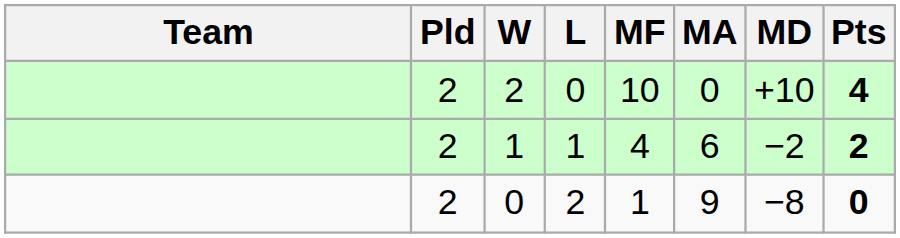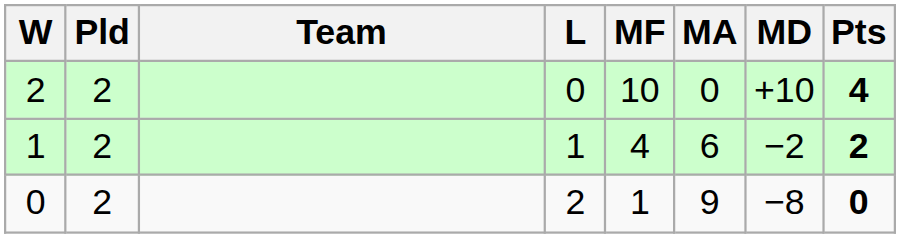 <table class=wikitable style="text-align:center">
 <tr>
+<th width=20>W</th>
+<th width=20>Pld</th>
 <th width=175>Team</th>
-<th width=20>Pld</th>
-<th width=20>W</th>
 <th width=20>L</th>
 <th width=20>MF</th>
 <th width=20>MA</th>
 <th width=20>MD</th>
 <th width=20>Pts</th>
 </tr>
 <tr bgcolor=ccffcc>
-<td align=left></td>
 <td>2</td>
 <td>2</td>
+<td align=left></td>
 <td>0</td>
 <td>10</td>
 <td>0</td>
 <td>+10</td>
 <td><strong>4</strong></td>
 </tr>
 <tr bgcolor=ccffcc>
+<td>1</td>
+<td>2</td>
 <td align=left></td>
-<td>2</td>
-<td>1</td>
 <td>1</td>
 <td>4</td>
 <td>6</td>
 <td>−2</td>
 <td><strong>2</strong></td>
 </tr>
 <tr>
+<td>0</td>
+<td>2</td>
 <td align=left></td>
-<td>2</td>
-<td>0</td>
 <td>2</td>
 <td>1</td>
 <td>9</td>
 <td>−8</td>
 <td><strong>0</strong></td>
 </tr>
 </table>
